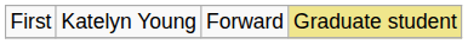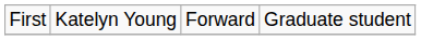 <table class="wikitable" border="1">
 <tr align=center>
 </tr>
 <tr>
 <td>First</td>
 <td>Katelyn Young</td>
 <td>Forward</td>
-<td style="background: khaki;">Graduate student</td>
+<td>Graduate student</td>
 </tr>
 <tr>
 </tr>
 </table>
